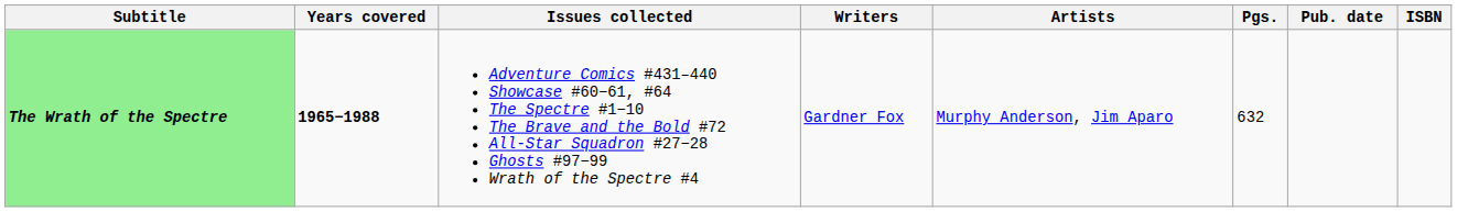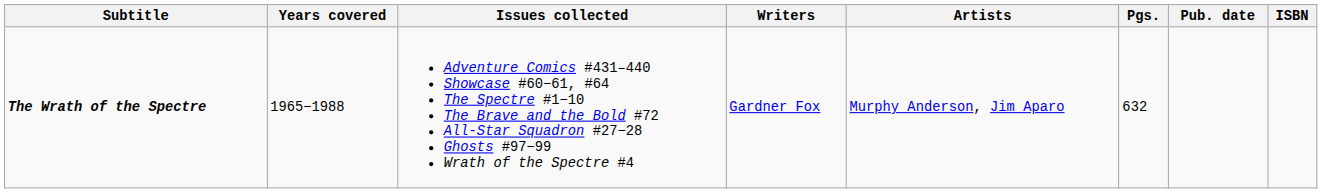 <table class="wikitable sortable" width=98%>
 <tr>
 <th class="unsortable" width="20%">Subtitle</th>
 <th width="10%">Years covered</th>
 <th width="25%">Issues collected</th>
 <th class="unsortable">Writers</th>
 <th class="unsortable">Artists</th>
 <th>Pgs.</th>
 <th>Pub. date</th>
 <th class="unsortable">ISBN</th>
 </tr>
 <tr>
-<td style="background: lightgreen;"><strong><em>The Wrath of the Spectre</em></strong></td>
-<td><strong>1965−1988</strong></td>
+<td><strong><em>The Wrath of the Spectre</em></strong></td>
+<td>1965−1988</td>
 <td><br><ul><li><em><a href='#'>Adventure Comics</a></em> #431–440</li><li><em><a href='#'>Showcase</a></em> #60−61, #64</li><li><em><a href='#'>The Spectre</a></em> #1−10</li><li><em><a href='#'>The Brave and the Bold</a></em> #72</li><li><em><a href='#'>All-Star Squadron</a></em> #27−28</li><li><em><a href='#'>Ghosts</a></em> #97−99</li><li><em>Wrath of the Spectre</em> #4</li></ul></td>
 <td><a href='#'>Gardner Fox</a></td>
 <td><a href='#'>Murphy Anderson</a>, <a href='#'>Jim Aparo</a></td>
 <td>632</td>
 <td></td>
 <td></td>
 </tr>
 </table>
